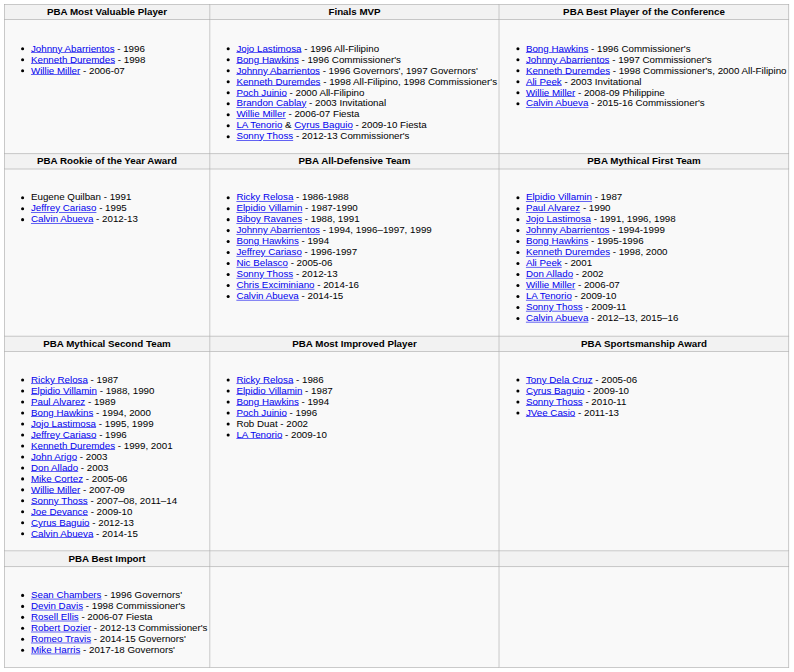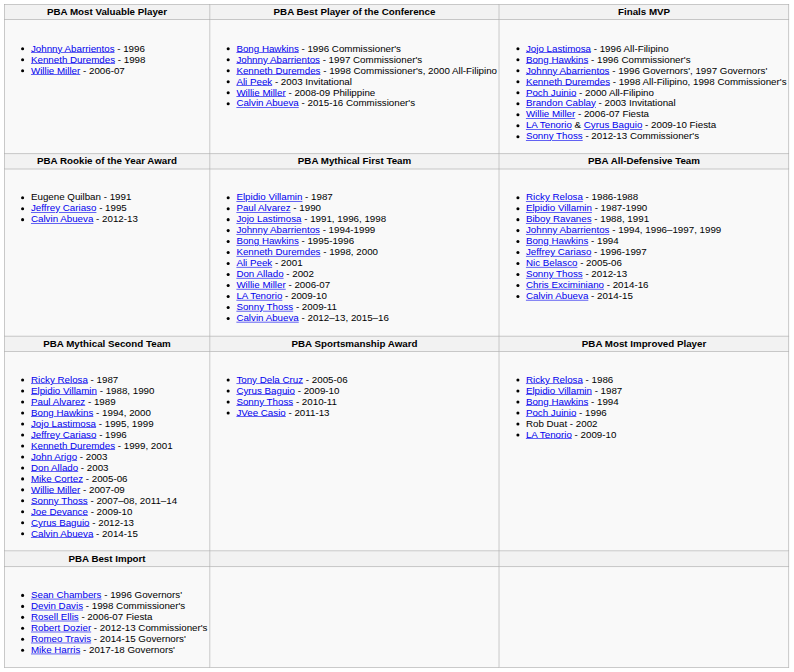 <table class=wikitable>
 <tr>
 <th>PBA Most Valuable Player</th>
+<th>PBA Best Player of the Conference</th>
 <th>Finals MVP</th>
-<th>PBA Best Player of the Conference</th>
 </tr>
 <tr>
 <td valign="top"><br><ul><li><a href='#'>Johnny Abarrientos</a> - 1996</li><li><a href='#'>Kenneth Duremdes</a> - 1998</li><li><a href='#'>Willie Miller</a> - 2006-07</li></ul></td>
+<td valign="top"><br><ul><li><a href='#'>Bong Hawkins</a> - 1996 Commissioner's</li><li><a href='#'>Johnny Abarrientos</a> - 1997 Commissioner's</li><li><a href='#'>Kenneth Duremdes</a> - 1998 Commissioner's, 2000 All-Filipino</li><li><a href='#'>Ali Peek</a> - 2003 Invitational</li><li><a href='#'>Willie Miller</a> - 2008-09 Philippine</li><li><a href='#'>Calvin Abueva</a> - 2015-16 Commissioner's</li></ul></td>
 <td valign="top"><br><ul><li><a href='#'>Jojo Lastimosa</a> - 1996 All-Filipino</li><li><a href='#'>Bong Hawkins</a> - 1996 Commissioner's</li><li><a href='#'>Johnny Abarrientos</a> - 1996 Governors', 1997 Governors'</li><li><a href='#'>Kenneth Duremdes</a> - 1998 All-Filipino, 1998 Commissioner's</li><li><a href='#'>Poch Juinio</a> - 2000 All-Filipino</li><li><a href='#'>Brandon Cablay</a> - 2003 Invitational</li><li><a href='#'>Willie Miller</a> - 2006-07 Fiesta</li><li><a href='#'>LA Tenorio</a> & <a href='#'>Cyrus Baguio</a> - 2009-10 Fiesta</li><li><a href='#'>Sonny Thoss</a> - 2012-13 Commissioner's</li></ul></td>
-<td valign="top"><br><ul><li><a href='#'>Bong Hawkins</a> - 1996 Commissioner's</li><li><a href='#'>Johnny Abarrientos</a> - 1997 Commissioner's</li><li><a href='#'>Kenneth Duremdes</a> - 1998 Commissioner's, 2000 All-Filipino</li><li><a href='#'>Ali Peek</a> - 2003 Invitational</li><li><a href='#'>Willie Miller</a> - 2008-09 Philippine</li><li><a href='#'>Calvin Abueva</a> - 2015-16 Commissioner's</li></ul></td>
 </tr>
 <tr>
 <th>PBA Rookie of the Year Award</th>
+<th>PBA Mythical First Team</th>
 <th>PBA All-Defensive Team</th>
-<th>PBA Mythical First Team</th>
 </tr>
 <tr>
 <td valign="top"><br><ul><li>Eugene Quilban - 1991</li><li><a href='#'>Jeffrey Cariaso</a> - 1995</li><li><a href='#'>Calvin Abueva</a> - 2012-13</li></ul></td>
+<td valign="top"><br><ul><li><a href='#'>Elpidio Villamin</a> - 1987</li><li><a href='#'>Paul Alvarez</a> - 1990</li><li><a href='#'>Jojo Lastimosa</a> - 1991, 1996, 1998</li><li><a href='#'>Johnny Abarrientos</a> - 1994-1999</li><li><a href='#'>Bong Hawkins</a> - 1995-1996</li><li><a href='#'>Kenneth Duremdes</a> - 1998, 2000</li><li><a href='#'>Ali Peek</a> - 2001</li><li><a href='#'>Don Allado</a> - 2002</li><li><a href='#'>Willie Miller</a> - 2006-07</li><li><a href='#'>LA Tenorio</a> - 2009-10</li><li><a href='#'>Sonny Thoss</a> - 2009-11</li><li><a href='#'>Calvin Abueva</a> - 2012–13, 2015–16</li></ul></td>
 <td valign="top"><br><ul><li><a href='#'>Ricky Relosa</a> - 1986-1988</li><li><a href='#'>Elpidio Villamin</a> - 1987-1990</li><li><a href='#'>Biboy Ravanes</a> - 1988, 1991</li><li><a href='#'>Johnny Abarrientos</a> - 1994, 1996–1997, 1999</li><li><a href='#'>Bong Hawkins</a> - 1994</li><li><a href='#'>Jeffrey Cariaso</a> - 1996-1997</li><li><a href='#'>Nic Belasco</a> - 2005-06</li><li><a href='#'>Sonny Thoss</a> - 2012-13</li><li><a href='#'>Chris Exciminiano</a> - 2014-16</li><li><a href='#'>Calvin Abueva</a> - 2014-15</li></ul></td>
-<td valign="top"><br><ul><li><a href='#'>Elpidio Villamin</a> - 1987</li><li><a href='#'>Paul Alvarez</a> - 1990</li><li><a href='#'>Jojo Lastimosa</a> - 1991, 1996, 1998</li><li><a href='#'>Johnny Abarrientos</a> - 1994-1999</li><li><a href='#'>Bong Hawkins</a> - 1995-1996</li><li><a href='#'>Kenneth Duremdes</a> - 1998, 2000</li><li><a href='#'>Ali Peek</a> - 2001</li><li><a href='#'>Don Allado</a> - 2002</li><li><a href='#'>Willie Miller</a> - 2006-07</li><li><a href='#'>LA Tenorio</a> - 2009-10</li><li><a href='#'>Sonny Thoss</a> - 2009-11</li><li><a href='#'>Calvin Abueva</a> - 2012–13, 2015–16</li></ul></td>
 </tr>
 <tr>
 <th>PBA Mythical Second Team</th>
+<th>PBA Sportsmanship Award</th>
 <th>PBA Most Improved Player</th>
-<th>PBA Sportsmanship Award</th>
 </tr>
 <tr>
 <td valign="top"><br><ul><li><a href='#'>Ricky Relosa</a> - 1987</li><li><a href='#'>Elpidio Villamin</a> - 1988, 1990</li><li><a href='#'>Paul Alvarez</a> - 1989</li><li><a href='#'>Bong Hawkins</a> - 1994, 2000</li><li><a href='#'>Jojo Lastimosa</a> - 1995, 1999</li><li><a href='#'>Jeffrey Cariaso</a> - 1996</li><li><a href='#'>Kenneth Duremdes</a> - 1999, 2001</li><li><a href='#'>John Arigo</a> - 2003</li><li><a href='#'>Don Allado</a> - 2003</li><li><a href='#'>Mike Cortez</a> - 2005-06</li><li><a href='#'>Willie Miller</a> - 2007-09</li><li><a href='#'>Sonny Thoss</a> - 2007–08, 2011–14</li><li><a href='#'>Joe Devance</a> - 2009-10</li><li><a href='#'>Cyrus Baguio</a> - 2012-13</li><li><a href='#'>Calvin Abueva</a> - 2014-15</li></ul></td>
+<td valign="top"><br><ul><li><a href='#'>Tony Dela Cruz</a> - 2005-06</li><li><a href='#'>Cyrus Baguio</a> - 2009-10</li><li><a href='#'>Sonny Thoss</a> - 2010-11</li><li><a href='#'>JVee Casio</a> - 2011-13</li></ul></td>
 <td valign="top"><br><ul><li><a href='#'>Ricky Relosa</a> - 1986</li><li><a href='#'>Elpidio Villamin</a> - 1987</li><li><a href='#'>Bong Hawkins</a> - 1994</li><li><a href='#'>Poch Juinio</a> - 1996</li><li>Rob Duat - 2002</li><li><a href='#'>LA Tenorio</a> - 2009-10</li></ul></td>
-<td valign="top"><br><ul><li><a href='#'>Tony Dela Cruz</a> - 2005-06</li><li><a href='#'>Cyrus Baguio</a> - 2009-10</li><li><a href='#'>Sonny Thoss</a> - 2010-11</li><li><a href='#'>JVee Casio</a> - 2011-13</li></ul></td>
 </tr>
 <tr>
 <th>PBA Best Import</th>
 <th></th>
 <th></th>
 </tr>
 <tr>
 <td valign="top"><br><ul><li><a href='#'>Sean Chambers</a> - 1996 Governors'</li><li><a href='#'>Devin Davis</a> - 1998 Commissioner's</li><li><a href='#'>Rosell Ellis</a> - 2006-07 Fiesta</li><li><a href='#'>Robert Dozier</a> - 2012-13 Commissioner's</li><li><a href='#'>Romeo Travis</a> - 2014-15 Governors'</li><li><a href='#'>Mike Harris</a> - 2017-18 Governors'</li></ul></td>
 <td valign="top"></td>
 <td valign="top"></td>
 </tr>
 </table>
